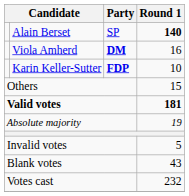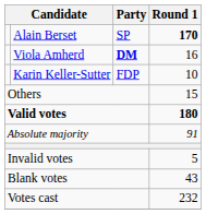 <table class="wikitable" style="text-align:right;">
 <tr>
 <th colspan=2>Candidate</th>
 <th>Party</th>
 <th>Round 1</th>
 </tr>
 <tr>
 <td style="background-color:"></td>
 <td style="text-align:left;"><a href='#'>Alain Berset</a></td>
 <td style="text-align:left;"><a href='#'>SP</a></td>
-<td><strong>140</strong></td>
+<td><strong>170</strong></td>
 </tr>
 <tr>
 <td style="background-color:"></td>
 <td style="text-align:left;"><a href='#'>Viola Amherd</a></td>
 <td style="text-align:left;"><strong><a href='#'>DM</a></strong></td>
 <td>16</td>
 </tr>
 <tr>
 <td style="background-color:"></td>
 <td style="text-align:left;"><a href='#'>Karin Keller-Sutter</a></td>
-<td style="text-align:left;"><strong><a href='#'>FDP</a></strong></td>
+<td style="text-align:left;"><a href='#'>FDP</a></td>
 <td>10</td>
 </tr>
 <tr>
 <td colspan=3 style="text-align:left;">Others</td>
 <td>15</td>
 </tr>
 <tr style="font-weight:bold;">
 <td colspan=3 style="text-align:left;">Valid votes</td>
-<td>181</td>
+<td>180</td>
 </tr>
 <tr style="font-style:italic; font-size:90%;">
 <td colspan=3 style="text-align:left;">Absolute majority</td>
-<td>19</td>
+<td>91</td>
 </tr>
 <tr>
 <th colspan=10></th>
 </tr>
 <tr>
 <td colspan=3 style="text-align:left;">Invalid votes</td>
 <td>5</td>
 </tr>
 <tr>
 <td colspan=3 style="text-align:left;">Blank votes</td>
 <td>43</td>
 </tr>
 <tr>
 <td colspan=3 style="text-align:left;">Votes cast</td>
 <td>232</td>
 </tr>
 <tr>
 </tr>
 </table>
